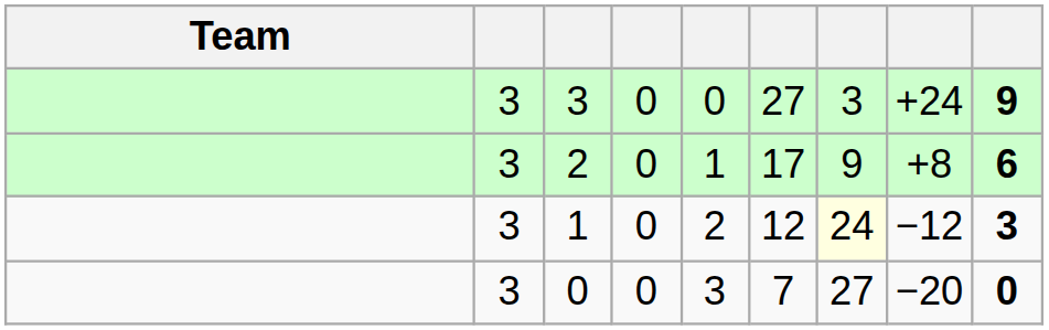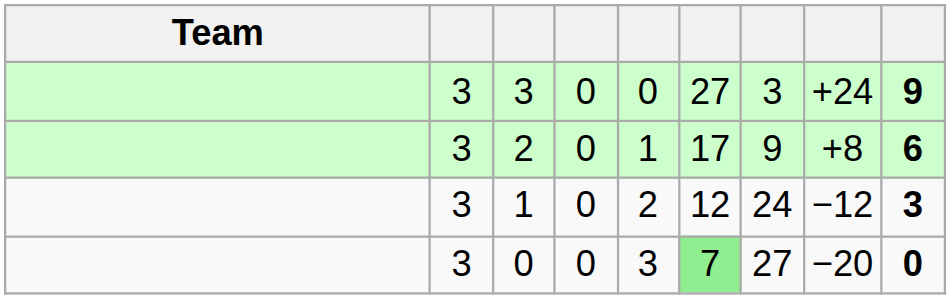 <table class="wikitable" style="text-align:center;">
 <tr>
 <th width=180>Team</th>
 <th width=20></th>
 <th width=20></th>
 <th width=20></th>
 <th width=20></th>
 <th width=20></th>
 <th width=20></th>
 <th width=20></th>
 <th width=20></th>
 </tr>
 <tr style="background-color:#ccffcc">
 <td style="text-align:left;"></td>
 <td>3</td>
 <td>3</td>
 <td>0</td>
 <td>0</td>
 <td>27</td>
 <td>3</td>
 <td>+24</td>
 <td><strong>9</strong></td>
 </tr>
 <tr style="background-color:#ccffcc">
 <td style="text-align:left;"></td>
 <td>3</td>
 <td>2</td>
 <td>0</td>
 <td>1</td>
 <td>17</td>
 <td>9</td>
 <td>+8</td>
 <td><strong>6</strong></td>
 </tr>
 <tr>
 <td style="text-align:left;"></td>
 <td>3</td>
 <td>1</td>
 <td>0</td>
 <td>2</td>
 <td>12</td>
-<td style="background: lightyellow;">24</td>
+<td>24</td>
 <td>−12</td>
 <td><strong>3</strong></td>
 </tr>
 <tr>
 <td style="text-align:left;"></td>
 <td>3</td>
 <td>0</td>
 <td>0</td>
 <td>3</td>
-<td>7</td>
+<td style="background: lightgreen;">7</td>
 <td>27</td>
 <td>−20</td>
 <td><strong>0</strong></td>
 </tr>
 </table>
